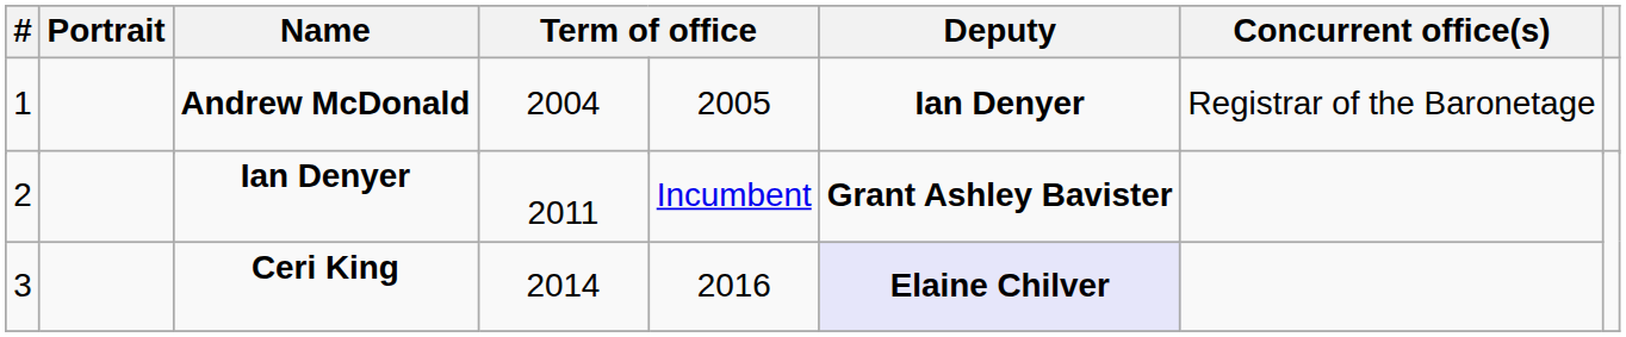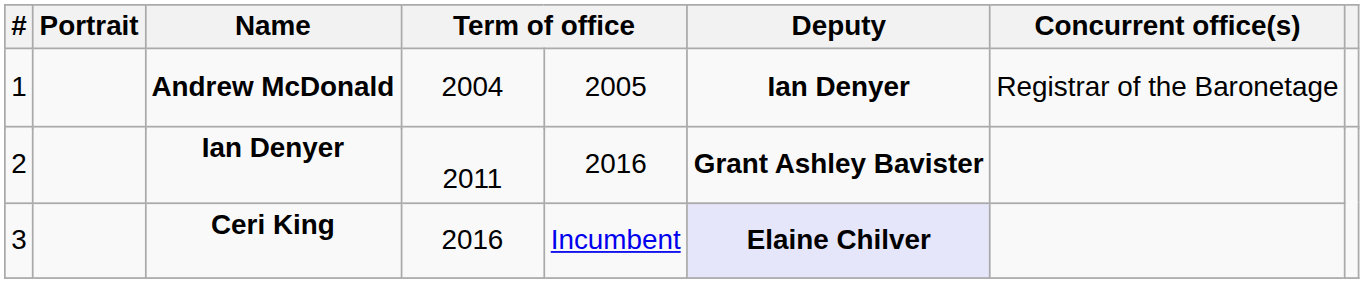 <table class="wikitable plainrowheaders" style="text-align:center;">
 <tr>
 <th>#</th>
 <th>Portrait</th>
 <th>Name<br></th>
 <th colspan=2 width=75 style="min-width:75px;">Term of office</th>
 <th>Deputy</th>
 <th>Concurrent office(s)</th>
 <th></th>
 </tr>
 <tr>
 <td rowspan=2>1</td>
 <td rowspan=2></td>
 <td rowspan=2><strong>Andrew McDonald</strong><br></td>
 <td rowspan=2 width=75 style="min-width:75px;">2004</td>
 <td rowspan=2 width=75 style="min-width:75px;">2005</td>
 <td height=37.5 style="min-height:37.5px;"><strong>Ian Denyer</strong></td>
 <td rowspan=2>Registrar of the Baronetage</td>
 <td rowspan=2></td>
 </tr>
 <tr>
 <td rowspan=2><strong>Grant Ashley Bavister</strong></td>
 </tr>
 <tr>
 <td>2</td>
 <td></td>
 <td><strong>Ian Denyer</strong><br><small></small><br></td>
 <td><br>2011</td>
-<td><a href='#'>Incumbent</a></td>
+<td>2016</td>
 <td style="padding-bottom:0.5em; padding-right:1em; text-align:left"></td>
 <td rowspan=2></td>
 </tr>
 <tr>
 <td>3</td>
 <td></td>
 <td><strong>Ceri King</strong><br><small></small><br></td>
-<td>2014</td>
 <td>2016</td>
+<td><a href='#'>Incumbent</a></td>
 <td style="background: lavender;"><strong>Elaine Chilver</strong></td>
 <td style="padding-bottom:0.5em; padding-right:1em; text-align:left"></td>
 </tr>
 </table>
